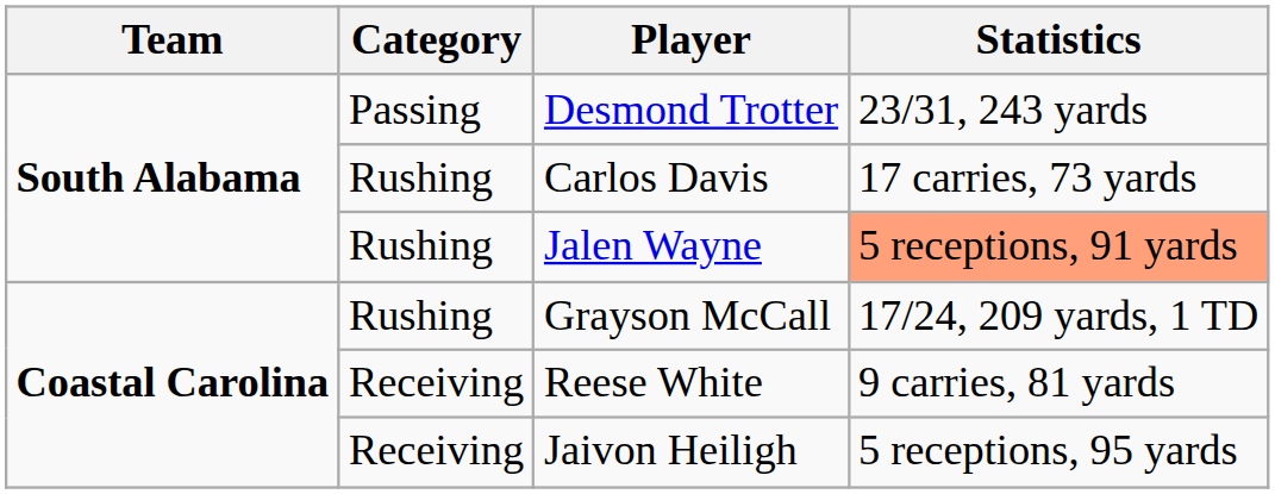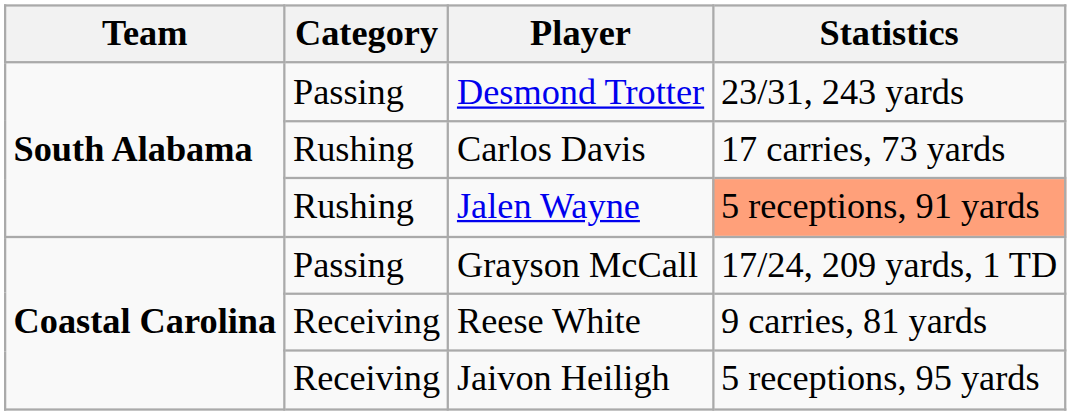 <table class="wikitable" style="float: left;">
 <tr>
 <th>Team</th>
 <th>Category</th>
 <th>Player</th>
 <th>Statistics</th>
 </tr>
 <tr>
 <td rowspan=3><strong>South Alabama</strong></td>
 <td>Passing</td>
 <td><a href='#'>Desmond Trotter</a></td>
 <td>23/31, 243 yards</td>
 </tr>
 <tr>
 <td>Rushing</td>
 <td>Carlos Davis</td>
 <td>17 carries, 73 yards</td>
 </tr>
 <tr>
 <td>Rushing</td>
 <td><a href='#'>Jalen Wayne</a></td>
 <td style="background: lightsalmon;">5 receptions, 91 yards</td>
 </tr>
 <tr>
 <td rowspan=3><strong>Coastal Carolina</strong></td>
-<td>Rushing</td>
+<td>Passing</td>
 <td>Grayson McCall</td>
 <td>17/24, 209 yards, 1 TD</td>
 </tr>
 <tr>
 <td>Receiving</td>
 <td>Reese White</td>
 <td>9 carries, 81 yards</td>
 </tr>
 <tr>
 <td>Receiving</td>
 <td>Jaivon Heiligh</td>
 <td>5 receptions, 95 yards</td>
 </tr>
 </table>
